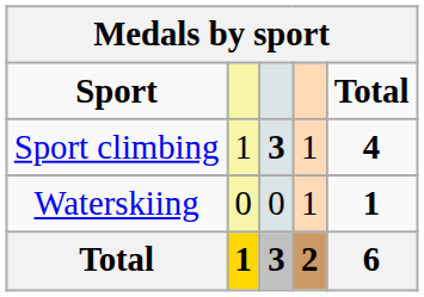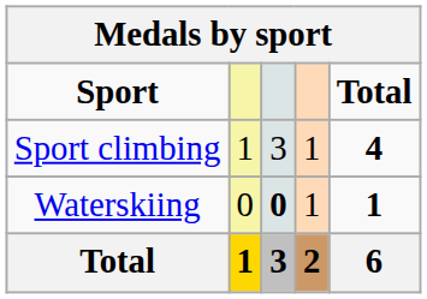 <table class="wikitable" style="font-size:95%; float:right;">
 <tr style="background:#efefef;">
 <th colspan=7>Medals by sport</th>
 </tr>
 <tr align=center>
 <td><strong>Sport</strong></td>
 <td style="background:#f7f6a8;"></td>
 <td style="background:#dce5e5;"></td>
 <td style="background:#ffdab9;"></td>
 <td><strong>Total</strong></td>
 </tr>
 <tr align=center>
 <td><a href='#'>Sport climbing</a></td>
 <td style="background:#F7F6A8;">1</td>
-<td style="background:#DCE5E5;"><strong>3</strong></td>
+<td style="background:#DCE5E5;">3</td>
 <td style="background:#FFDAB9;">1</td>
 <td><strong>4</strong></td>
 </tr>
 <tr align=center>
 <td><a href='#'>Waterskiing</a></td>
 <td style="background:#F7F6A8;">0</td>
-<td style="background:#DCE5E5;">0</td>
+<td style="background:#DCE5E5;"><strong>0</strong></td>
 <td style="background:#FFDAB9;">1</td>
 <td><strong>1</strong></td>
 </tr>
 <tr align=center>
 <th>Total</th>
 <th style="background:gold;">1</th>
 <th style="background:silver;">3</th>
 <th style="background:#c96;">2</th>
 <th>6</th>
 </tr>
 </table>
